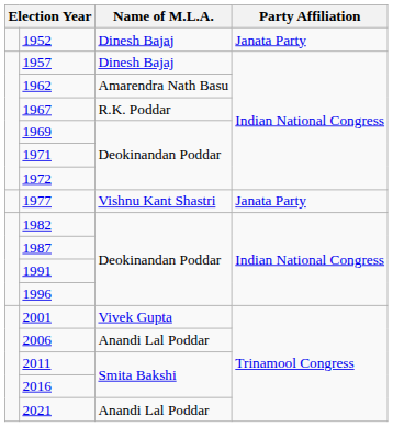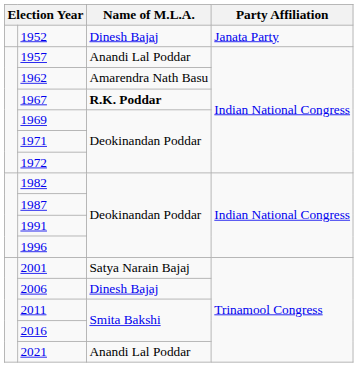 <table class="wikitable sortable">
 <tr>
 <th colspan="2">Election Year</th>
 <th>Name of M.L.A.</th>
 <th>Party Affiliation</th>
 </tr>
 <tr>
 <td style="background-color: "></td>
 <td><a href='#'>1952</a></td>
 <td><a href='#'>Dinesh Bajaj</a></td>
 <td><a href='#'>Janata Party</a></td>
 </tr>
 <tr>
 <td rowspan="6" style="background-color: "></td>
 <td><a href='#'>1957</a></td>
-<td><a href='#'>Dinesh Bajaj</a></td>
+<td>Anandi Lal Poddar</td>
 <td rowspan="6"><a href='#'>Indian National Congress</a></td>
 </tr>
 <tr>
 <td><a href='#'>1962</a></td>
 <td>Amarendra Nath Basu</td>
 </tr>
 <tr>
 <td><a href='#'>1967</a></td>
-<td>R.K. Poddar</td>
+<td><strong>R.K. Poddar</strong></td>
 </tr>
 <tr>
 <td><a href='#'>1969</a></td>
 <td rowspan="3">Deokinandan Poddar</td>
 </tr>
 <tr>
 <td><a href='#'>1971</a></td>
 </tr>
 <tr>
 <td><a href='#'>1972</a></td>
-</tr>
-<tr>
-<td style="background-color: "></td>
-<td><a href='#'>1977</a></td>
-<td><a href='#'>Vishnu Kant Shastri</a></td>
-<td><a href='#'>Janata Party</a></td>
 </tr>
 <tr>
 <td rowspan="4" style="background-color: "></td>
 <td><a href='#'>1982</a></td>
 <td rowspan="4">Deokinandan Poddar</td>
 <td rowspan="4"><a href='#'>Indian National Congress</a></td>
 </tr>
 <tr>
 <td><a href='#'>1987</a></td>
 </tr>
 <tr>
 <td><a href='#'>1991</a></td>
 </tr>
 <tr>
 <td><a href='#'>1996</a></td>
 </tr>
 <tr>
 <td rowspan="5" style="background-color: "></td>
 <td><a href='#'>2001</a></td>
-<td><a href='#'>Vivek Gupta</a></td>
+<td>Satya Narain Bajaj</td>
 <td rowspan="5"><a href='#'>Trinamool Congress</a></td>
 </tr>
 <tr>
 <td><a href='#'>2006</a></td>
-<td>Anandi Lal Poddar</td>
+<td><a href='#'>Dinesh Bajaj</a></td>
 </tr>
 <tr>
 <td><a href='#'>2011</a></td>
 <td rowspan="2"><a href='#'>Smita Bakshi</a></td>
 </tr>
 <tr>
 <td><a href='#'>2016</a></td>
 </tr>
 <tr>
 <td><a href='#'>2021</a></td>
 <td>Anandi Lal Poddar</td>
 </tr>
 </table>
